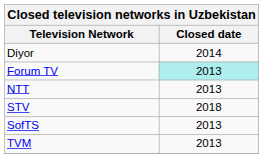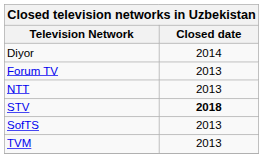 <table class="wikitable" style="text-align:center">
 <tr>
 <th colspan=7 style="font-size:110%">Closed television networks in Uzbekistan</th>
 </tr>
 <tr>
 <th>Television Network</th>
 <th>Closed date</th>
 </tr>
 <tr>
 <td style="text-align:left">Diyor</td>
 <td>2014</td>
 </tr>
 <tr>
 <td style="text-align:left"><a href='#'>Forum TV</a></td>
-<td style="background: paleturquoise;">2013</td>
+<td>2013</td>
 </tr>
 <tr>
 <td style="text-align:left"><a href='#'>NTT</a></td>
 <td>2013</td>
 </tr>
 <tr>
 <td style="text-align:left"><a href='#'>STV</a></td>
-<td>2018</td>
+<td><strong>2018</strong></td>
 </tr>
 <tr>
 <td style="text-align:left"><a href='#'>SofTS</a></td>
 <td>2013</td>
 </tr>
 <tr>
 <td style="text-align:left"><a href='#'>TVM</a></td>
 <td>2013</td>
 </tr>
 <tr>
 </tr>
 </table>
